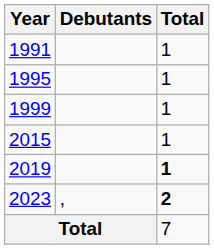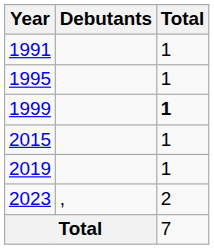 <table class="wikitable" style>
 <tr>
 <th>Year</th>
 <th>Debutants</th>
 <th>Total</th>
 </tr>
 <tr>
 <td><a href='#'>1991</a></td>
 <td></td>
 <td>1</td>
 </tr>
 <tr>
 <td><a href='#'>1995</a></td>
 <td></td>
 <td>1</td>
 </tr>
 <tr>
 <td><a href='#'>1999</a></td>
 <td></td>
-<td>1</td>
+<td><strong>1</strong></td>
 </tr>
 <tr>
 <td><a href='#'>2015</a></td>
 <td></td>
 <td>1</td>
 </tr>
 <tr>
 <td><a href='#'>2019</a></td>
 <td></td>
-<td><strong>1</strong></td>
+<td>1</td>
 </tr>
 <tr>
 <td><a href='#'>2023</a></td>
 <td>, </td>
-<td><strong>2</strong></td>
+<td>2</td>
 </tr>
 <tr>
 <th colspan=2>Total</th>
 <td>7</td>
 </tr>
 </table>
